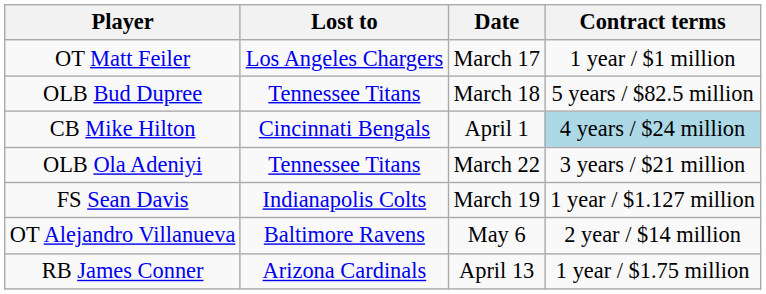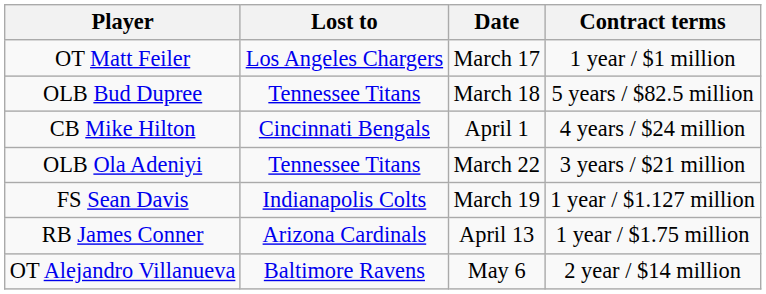 <table class="wikitable" style="text-align:center">
 <tr>
 <th>Player</th>
 <th>Lost to</th>
 <th>Date</th>
 <th>Contract terms</th>
 </tr>
 <tr>
 <td>OT <a href='#'>Matt Feiler</a></td>
 <td><a href='#'>Los Angeles Chargers</a></td>
 <td>March 17</td>
 <td>1 year / $1 million</td>
 </tr>
 <tr>
 <td>OLB <a href='#'>Bud Dupree</a></td>
 <td><a href='#'>Tennessee Titans</a></td>
 <td>March 18</td>
 <td>5 years / $82.5 million</td>
 </tr>
 <tr>
 <td>CB <a href='#'>Mike Hilton</a></td>
 <td><a href='#'>Cincinnati Bengals</a></td>
 <td>April 1</td>
-<td style="background: lightblue;">4 years / $24 million</td>
+<td>4 years / $24 million</td>
 </tr>
 <tr>
 <td>OLB <a href='#'>Ola Adeniyi</a></td>
 <td><a href='#'>Tennessee Titans</a></td>
 <td>March 22</td>
 <td>3 years / $21 million</td>
 </tr>
 <tr>
 <td>FS <a href='#'>Sean Davis</a></td>
 <td><a href='#'>Indianapolis Colts</a></td>
 <td>March 19</td>
 <td>1 year / $1.127 million</td>
 </tr>
 <tr>
+<td>RB <a href='#'>James Conner</a></td>
+<td><a href='#'>Arizona Cardinals</a></td>
+<td>April 13</td>
+<td>1 year / $1.75 million</td>
+</tr>
+<tr>
 <td>OT <a href='#'>Alejandro Villanueva</a></td>
 <td><a href='#'>Baltimore Ravens</a></td>
 <td>May 6</td>
 <td>2 year / $14 million</td>
 </tr>
-<tr>
-<td>RB <a href='#'>James Conner</a></td>
-<td><a href='#'>Arizona Cardinals</a></td>
-<td>April 13</td>
-<td>1 year / $1.75 million</td>
-</tr>
 </table>
